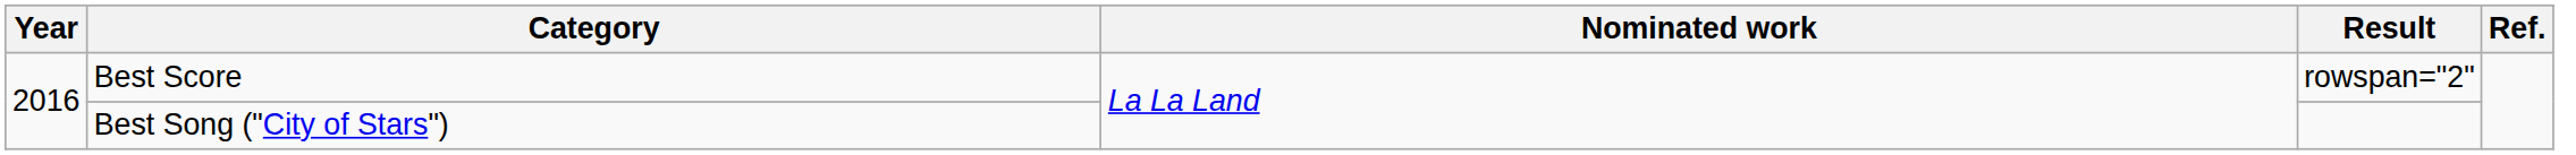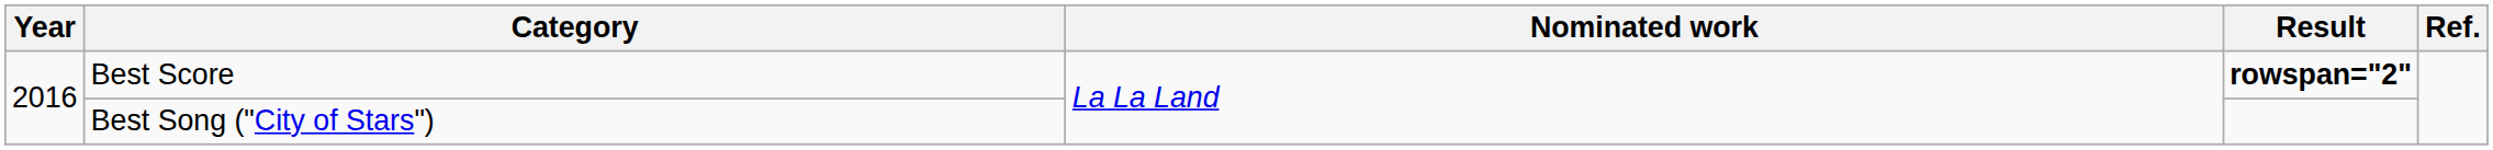 <table class=wikitable>
 <tr>
 <th scope="col" style="width:1em;">Year</th>
 <th scope="col" style="width:33em;">Category</th>
 <th scope="col" style="width:39em;">Nominated work</th>
 <th scope="col" style="width:5em;">Result</th>
 <th scope="col" style="width:1em;">Ref.</th>
 </tr>
 <tr>
 <td rowspan="2">2016</td>
 <td>Best Score</td>
 <td rowspan="2"><em><a href='#'>La La Land</a></em></td>
-<td>rowspan="2" </td>
+<td><strong>rowspan="2" </strong></td>
 <td rowspan="2"></td>
 </tr>
 <tr>
 <td>Best Song ("<a href='#'>City of Stars</a>")</td>
 </tr>
 </table>
